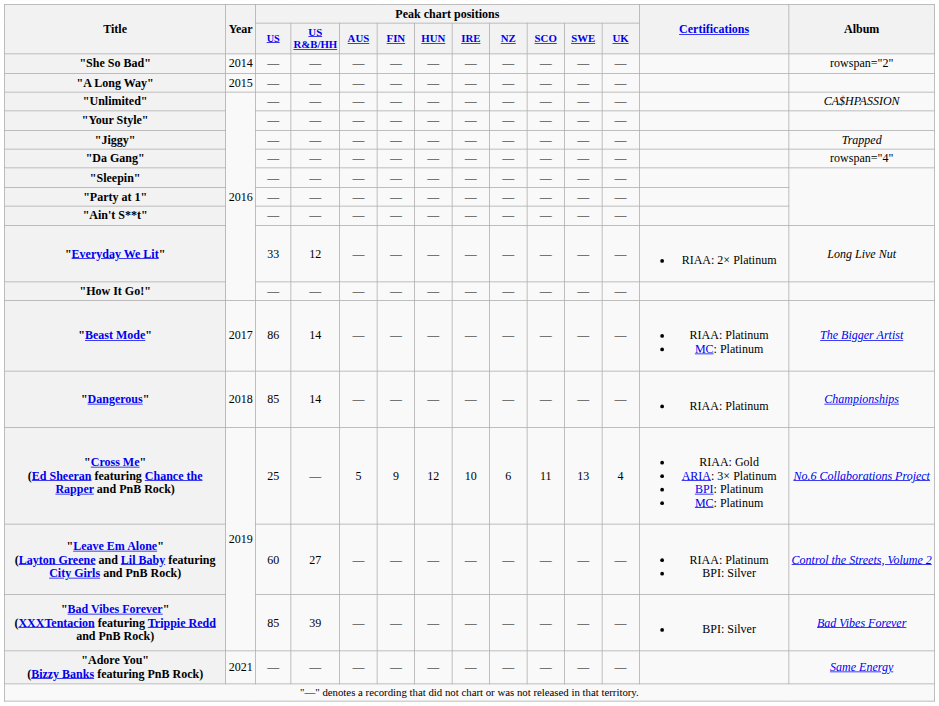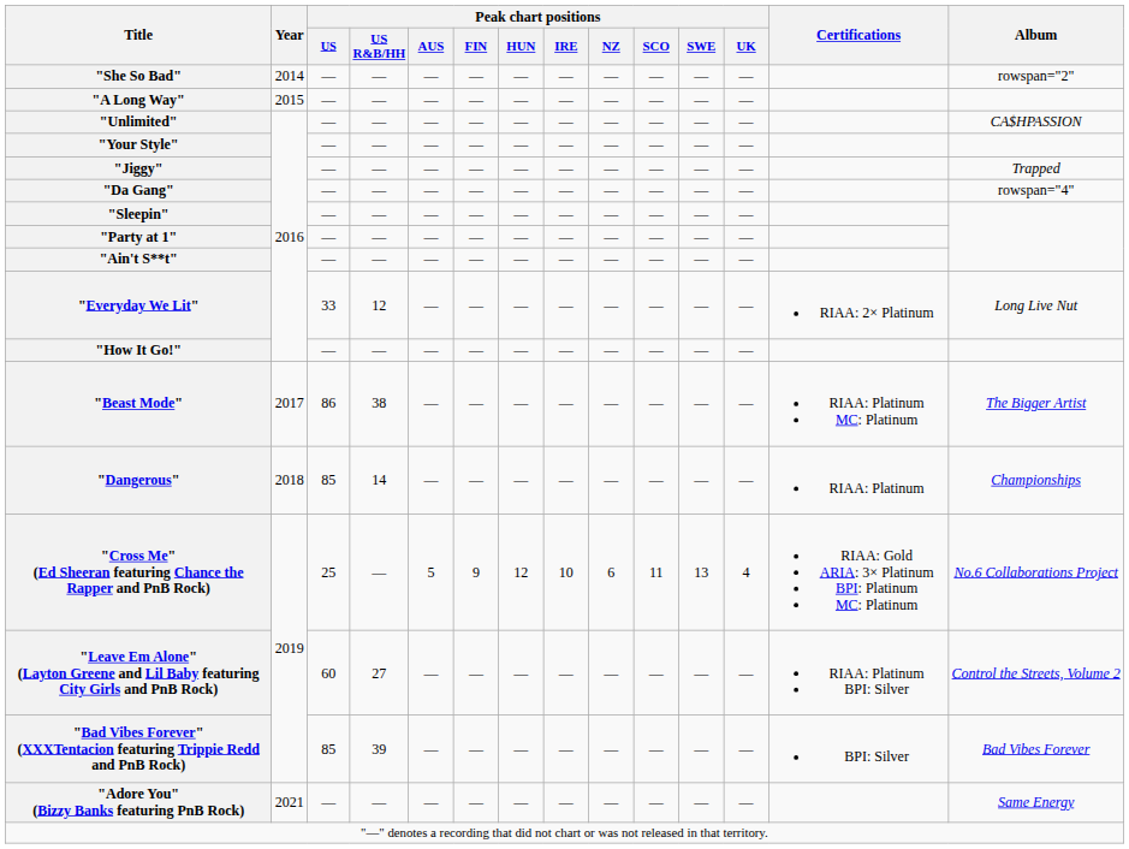 <table class="wikitable plainrowheaders" style="text-align:center;">
 <tr>
 <th scope="col" rowspan="2" style="width:18em;">Title</th>
 <th scope="col" rowspan="2">Year</th>
 <th scope="col" colspan="10">Peak chart positions</th>
 <th scope="col" rowspan="2" style="width:12em;"><a href='#'>Certifications</a></th>
 <th scope="col" rowspan="2">Album</th>
 </tr>
 <tr>
 <th scope="col" style="width:3em;font-size:85%;"><a href='#'>US</a><br></th>
 <th scope="col" style="width:3em;font-size:90%;"><a href='#'>US R&B/HH</a><br></th>
 <th scope="col" style="width:3em;font-size:90%;"><a href='#'>AUS</a><br></th>
 <th scope="col" style="width:3em;font-size:90%;"><a href='#'>FIN</a><br></th>
 <th scope="col" style="width:3em;font-size:90%;"><a href='#'>HUN</a><br></th>
 <th scope="col" style="width:3em;font-size:90%;"><a href='#'>IRE</a><br></th>
 <th scope="col" style="width:3em;font-size:90%;"><a href='#'>NZ</a><br></th>
 <th scope="col" style="width:3em;font-size:90%;"><a href='#'>SCO</a><br></th>
 <th scope="col" style="width:3em;font-size:90%;"><a href='#'>SWE</a><br></th>
 <th scope="col" style="width:3em;font-size:90%;"><a href='#'>UK</a><br></th>
 </tr>
 <tr>
 <th scope="row">"She So Bad"<br></th>
 <td>2014</td>
 <td>—</td>
 <td>—</td>
 <td>—</td>
 <td>—</td>
 <td>—</td>
 <td>—</td>
 <td>—</td>
 <td>—</td>
 <td>—</td>
 <td>—</td>
 <td></td>
 <td>rowspan="2" </td>
 </tr>
 <tr>
 <th scope="row">"A Long Way"<br></th>
 <td>2015</td>
 <td>—</td>
 <td>—</td>
 <td>—</td>
 <td>—</td>
 <td>—</td>
 <td>—</td>
 <td>—</td>
 <td>—</td>
 <td>—</td>
 <td>—</td>
 <td></td>
 </tr>
 <tr>
 <th scope="row">"Unlimited"<br></th>
 <td rowspan="9">2016</td>
 <td>—</td>
 <td>—</td>
 <td>—</td>
 <td>—</td>
 <td>—</td>
 <td>—</td>
 <td>—</td>
 <td>—</td>
 <td>—</td>
 <td>—</td>
 <td></td>
 <td><em>CA$HPASSION</em></td>
 </tr>
 <tr>
 <th scope="row">"Your Style"<br></th>
 <td>—</td>
 <td>—</td>
 <td>—</td>
 <td>—</td>
 <td>—</td>
 <td>—</td>
 <td>—</td>
 <td>—</td>
 <td>—</td>
 <td>—</td>
 <td></td>
 <td></td>
 </tr>
 <tr>
 <th scope="row">"Jiggy"<br></th>
 <td>—</td>
 <td>—</td>
 <td>—</td>
 <td>—</td>
 <td>—</td>
 <td>—</td>
 <td>—</td>
 <td>—</td>
 <td>—</td>
 <td>—</td>
 <td></td>
 <td><em>Trapped</em></td>
 </tr>
 <tr>
 <th scope="row">"Da Gang"<br></th>
 <td>—</td>
 <td>—</td>
 <td>—</td>
 <td>—</td>
 <td>—</td>
 <td>—</td>
 <td>—</td>
 <td>—</td>
 <td>—</td>
 <td>—</td>
 <td></td>
 <td>rowspan="4" </td>
 </tr>
 <tr>
 <th scope="row">"Sleepin"<br></th>
 <td>—</td>
 <td>—</td>
 <td>—</td>
 <td>—</td>
 <td>—</td>
 <td>—</td>
 <td>—</td>
 <td>—</td>
 <td>—</td>
 <td>—</td>
 <td></td>
 </tr>
 <tr>
 <th scope="row">"Party at 1"<br></th>
 <td>—</td>
 <td>—</td>
 <td>—</td>
 <td>—</td>
 <td>—</td>
 <td>—</td>
 <td>—</td>
 <td>—</td>
 <td>—</td>
 <td>—</td>
 <td></td>
 </tr>
 <tr>
 <th scope="row">"Ain't S**t"<br></th>
 <td>—</td>
 <td>—</td>
 <td>—</td>
 <td>—</td>
 <td>—</td>
 <td>—</td>
 <td>—</td>
 <td>—</td>
 <td>—</td>
 <td>—</td>
 <td></td>
 </tr>
 <tr>
 <th scope="row">"<a href='#'>Everyday We Lit</a>"<br></th>
 <td>33</td>
 <td>12</td>
 <td>—</td>
 <td>—</td>
 <td>—</td>
 <td>—</td>
 <td>—</td>
 <td>—</td>
 <td>—</td>
 <td>—</td>
 <td><br><ul><li>RIAA: 2× Platinum</li></ul></td>
 <td><em>Long Live Nut</em></td>
 </tr>
 <tr>
 <th scope="row">"How It Go!"<br></th>
 <td>—</td>
 <td>—</td>
 <td>—</td>
 <td>—</td>
 <td>—</td>
 <td>—</td>
 <td>—</td>
 <td>—</td>
 <td>—</td>
 <td>—</td>
 <td></td>
 <td></td>
 </tr>
 <tr>
 <th scope="row">"<a href='#'>Beast Mode</a>"<br></th>
 <td>2017</td>
 <td>86</td>
-<td>14</td>
+<td>38</td>
 <td>—</td>
 <td>—</td>
 <td>—</td>
 <td>—</td>
 <td>—</td>
 <td>—</td>
 <td>—</td>
 <td>—</td>
 <td><br><ul><li>RIAA: Platinum</li><li><a href='#'>MC</a>: Platinum</li></ul></td>
 <td><em><a href='#'>The Bigger Artist</a></em></td>
 </tr>
 <tr>
 <th scope="row">"<a href='#'>Dangerous</a>"<br></th>
 <td>2018</td>
 <td>85</td>
 <td>14</td>
 <td>—</td>
 <td>—</td>
 <td>—</td>
 <td>—</td>
 <td>—</td>
 <td>—</td>
 <td>—</td>
 <td>—</td>
 <td><br><ul><li>RIAA: Platinum</li></ul></td>
 <td><em><a href='#'>Championships</a></em></td>
 </tr>
 <tr>
 <th scope="row">"<a href='#'>Cross Me</a>"<br><span>(<a href='#'>Ed Sheeran</a> featuring <a href='#'>Chance the Rapper</a> and PnB Rock)</span></th>
 <td rowspan="3">2019</td>
 <td>25</td>
 <td>—</td>
 <td>5</td>
 <td>9</td>
 <td>12</td>
 <td>10</td>
 <td>6</td>
 <td>11</td>
 <td>13</td>
 <td>4</td>
 <td><br><ul><li>RIAA: Gold</li><li><a href='#'>ARIA</a>: 3× Platinum</li><li><a href='#'>BPI</a>: Platinum</li><li><a href='#'>MC</a>: Platinum</li></ul></td>
 <td><em><a href='#'>No.6 Collaborations Project</a></em></td>
 </tr>
 <tr>
 <th scope="row">"<a href='#'>Leave Em Alone</a>"<br><span>(<a href='#'>Layton Greene</a> and <a href='#'>Lil Baby</a> featuring <a href='#'>City Girls</a> and PnB Rock)</span></th>
 <td>60</td>
 <td>27</td>
 <td>—</td>
 <td>—</td>
 <td>—</td>
 <td>—</td>
 <td>—</td>
 <td>—</td>
 <td>—</td>
 <td>—</td>
 <td><br><ul><li>RIAA: Platinum</li><li>BPI: Silver</li></ul></td>
 <td><em><a href='#'>Control the Streets, Volume 2</a></em></td>
 </tr>
 <tr>
 <th scope="row">"<a href='#'>Bad Vibes Forever</a>"<br><span>(<a href='#'>XXXTentacion</a> featuring <a href='#'>Trippie Redd</a> and PnB Rock)</span></th>
 <td>85</td>
 <td>39</td>
 <td>—</td>
 <td>—</td>
 <td>—</td>
 <td>—</td>
 <td>—</td>
 <td>—</td>
 <td>—</td>
 <td>—</td>
 <td><br><ul><li>BPI: Silver</li></ul></td>
 <td><em><a href='#'>Bad Vibes Forever</a></em></td>
 </tr>
 <tr>
 <th scope="row">"Adore You"<br><span>(<a href='#'>Bizzy Banks</a> featuring PnB Rock)</span></th>
 <td>2021</td>
 <td>—</td>
 <td>—</td>
 <td>—</td>
 <td>—</td>
 <td>—</td>
 <td>—</td>
 <td>—</td>
 <td>—</td>
 <td>—</td>
 <td>—</td>
 <td></td>
 <td><em><a href='#'>Same Energy</a></em></td>
 </tr>
 <tr>
 <td colspan="14" style="font-size:90%">"—" denotes a recording that did not chart or was not released in that territory.</td>
 </tr>
 </table>
